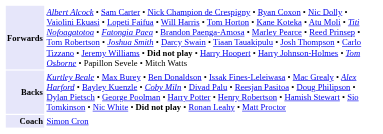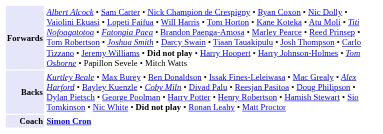 <table cellpadding="2" style="border: 1px solid white; font-size:90%;">
 <tr>
 <td style="text-align:right" bgcolor="lavender"><strong>Forwards</strong></td>
 <td style="text-align:left"><em><a href='#'>Albert Alcock</a></em> • <a href='#'>Sam Carter</a> • <a href='#'>Nick Champion de Crespigny</a> • <a href='#'>Ryan Coxon</a> • <a href='#'>Nic Dolly</a> • <a href='#'>Vaiolini Ekuasi</a> • <a href='#'>Lopeti Faifua</a> • <a href='#'>Will Harris</a> • <a href='#'>Tom Horton</a> • <a href='#'>Kane Koteka</a> • <a href='#'>Atu Moli</a> • <em><a href='#'>Titi Nofoagatotoa</a></em> • <em><a href='#'>Fatongia Paea</a></em> • <a href='#'>Brandon Paenga-Amosa</a> • <a href='#'>Marley Pearce</a> • <a href='#'>Reed Prinsep</a> • <a href='#'>Tom Robertson</a> • <em><a href='#'>Joshua Smith</a></em> • <a href='#'>Darcy Swain</a> • <a href='#'>Tiaan Tauakipulu</a> • <a href='#'>Josh Thompson</a> • <a href='#'>Carlo Tizzano</a> • <a href='#'>Jeremy Williams</a> • <strong>Did not play</strong> • <a href='#'>Harry Hoopert</a> • <a href='#'>Harry Johnson-Holmes</a> • <em><a href='#'>Tom Osborne</a></em> • Papillon Sevele • Mitch Watts</td>
 </tr>
 <tr>
 <td style="text-align:right" bgcolor="lavender"><strong>Backs</strong></td>
 <td style="text-align:left"><em><a href='#'>Kurtley Beale</a></em> • <a href='#'>Max Burey</a> • <a href='#'>Ben Donaldson</a> • <a href='#'>Issak Fines-Leleiwasa</a> • <a href='#'>Mac Grealy</a> • <em><a href='#'>Alex Harford</a></em> • <a href='#'>Bayley Kuenzle</a> • <em><a href='#'>Coby Miln</a></em> • <a href='#'>Divad Palu</a> • <a href='#'>Reesjan Pasitoa</a> • <a href='#'>Doug Philipson</a> • <a href='#'>Dylan Pietsch</a> • <a href='#'>George Poolman</a> • <a href='#'>Harry Potter</a> • <a href='#'>Henry Robertson</a> • <a href='#'>Hamish Stewart</a> • <a href='#'>Sio Tomkinson</a> • <a href='#'>Nic White</a> • <strong>Did not play</strong> • <a href='#'>Ronan Leahy</a> • <a href='#'>Matt Proctor</a></td>
 </tr>
 <tr>
 <td style="text-align:right" bgcolor="lavender"><strong>Coach</strong></td>
-<td style="text-align:left"><a href='#'>Simon Cron</a></td>
+<td style="text-align:left"><strong><a href='#'>Simon Cron</a></strong></td>
 </tr>
 </table>
